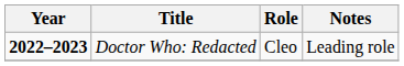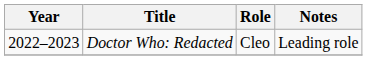 <table class="wikitable sortable">
 <tr>
 <th>Year</th>
 <th>Title</th>
 <th>Role</th>
 <th class="unsortable">Notes</th>
 </tr>
 <tr>
-<td><strong>2022–2023</strong></td>
+<td>2022–2023</td>
 <td><em>Doctor Who: Redacted</em></td>
 <td>Cleo</td>
 <td>Leading role</td>
 </tr>
 <tr>
 </tr>
 </table>
